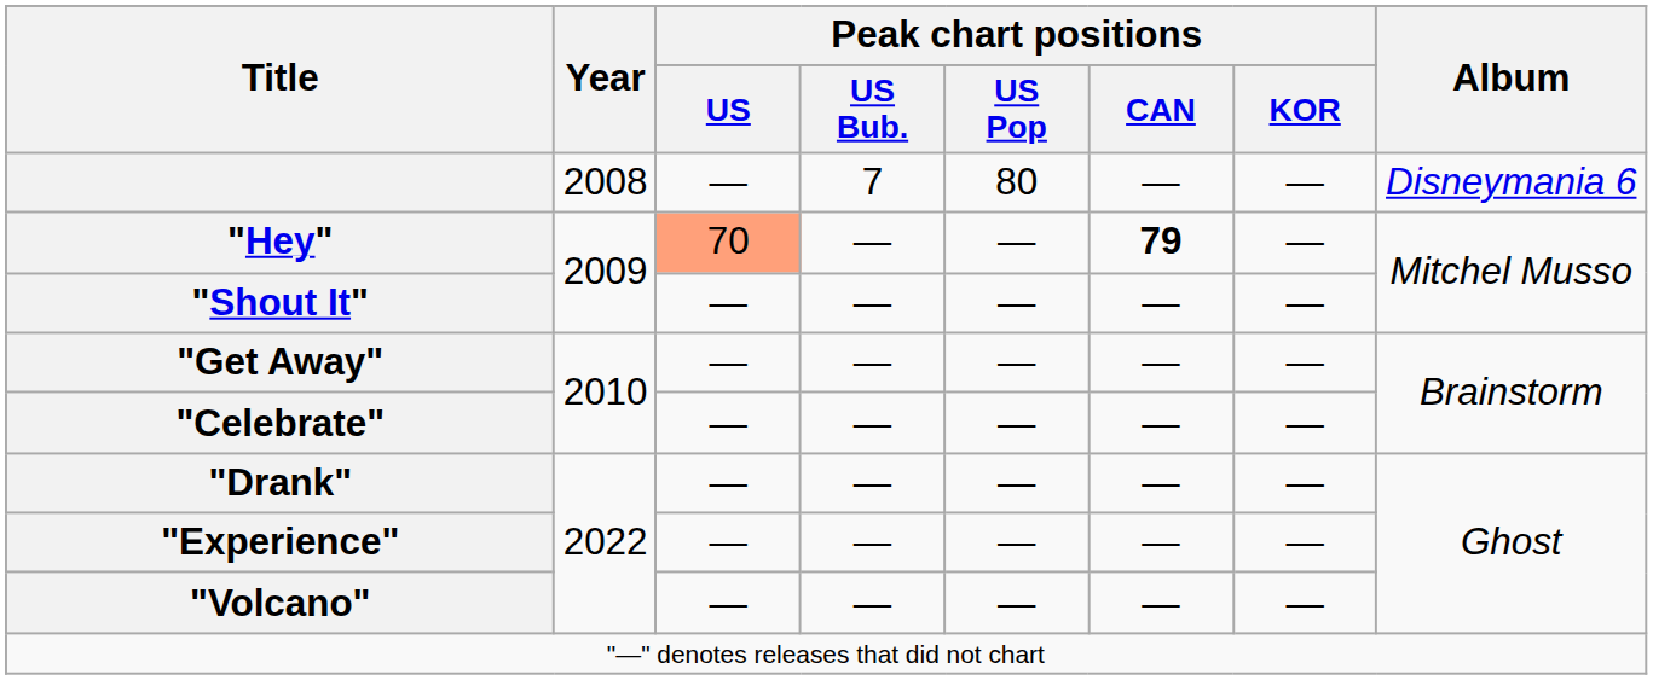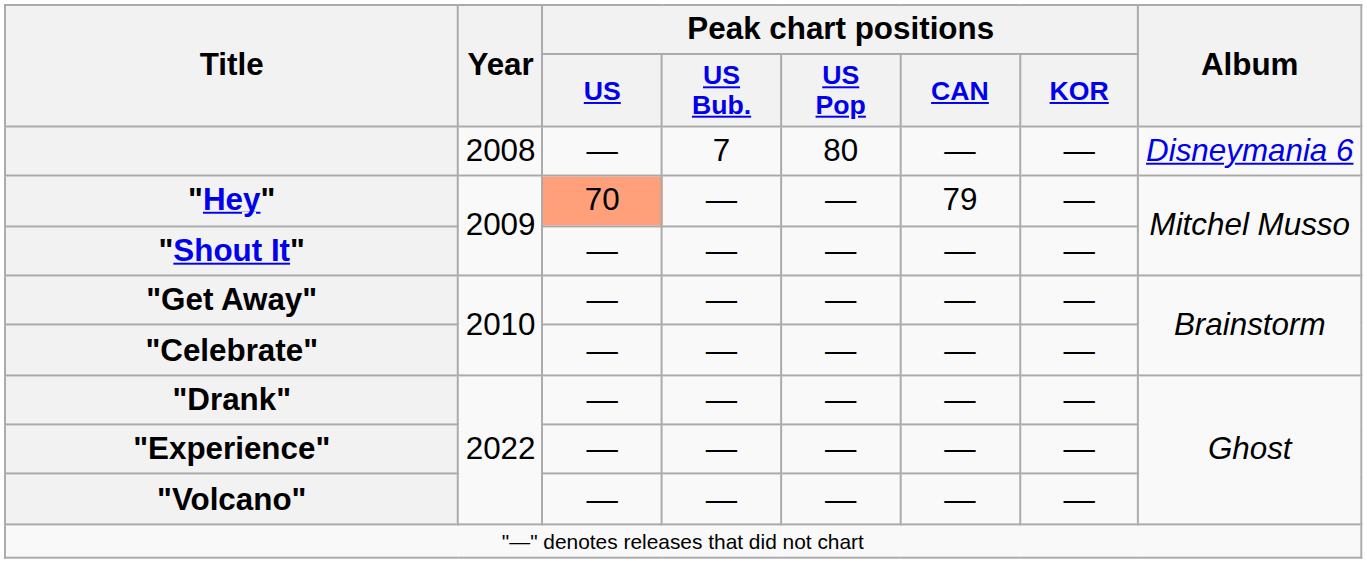 <table class="wikitable plainrowheaders" style="text-align:center;" border="1">
 <tr>
 <th scope="col" rowspan="2" style="width:14em;">Title</th>
 <th scope="col" rowspan="2">Year</th>
 <th scope="col" colspan="5">Peak chart positions</th>
 <th scope="col" rowspan="2">Album</th>
 </tr>
 <tr>
 <th scope="col" style="width:4em;font-size:85%;"><a href='#'>US</a><br></th>
 <th scope="col" style="width:4em;font-size:85%;"><a href='#'>US<br>Bub.</a><br></th>
 <th scope="col" style="width:4em;font-size:85%;"><a href='#'>US<br>Pop</a><br></th>
 <th scope="col" style="width:4em;font-size:85%;"><a href='#'>CAN</a><br></th>
 <th scope="col" style="width:4em;font-size:85%;"><a href='#'>KOR</a><br></th>
 </tr>
 <tr>
 <th scope="row"><br></th>
 <td>2008</td>
 <td>—</td>
 <td>7</td>
 <td>80</td>
 <td>—</td>
 <td>—</td>
 <td align="center"><em><a href='#'>Disneymania 6</a></em></td>
 </tr>
 <tr>
 <th scope="row">"<a href='#'>Hey</a>"</th>
 <td rowspan="2">2009</td>
 <td style="background: lightsalmon;">70</td>
 <td>—</td>
 <td>—</td>
-<td><strong>79</strong></td>
+<td>79</td>
 <td>—</td>
 <td align="center" rowspan=2><em>Mitchel Musso</em></td>
 </tr>
 <tr>
 <th scope="row">"<a href='#'>Shout It</a>"</th>
 <td>—</td>
 <td>—</td>
 <td>—</td>
 <td>—</td>
 <td>—</td>
 </tr>
 <tr>
 <th scope="row">"Get Away"</th>
 <td rowspan="2">2010</td>
 <td>—</td>
 <td>—</td>
 <td>—</td>
 <td>—</td>
 <td>—</td>
 <td align="center" rowspan=2><em>Brainstorm</em></td>
 </tr>
 <tr>
 <th scope="row">"Celebrate"</th>
 <td>—</td>
 <td>—</td>
 <td>—</td>
 <td>—</td>
 <td>—</td>
 </tr>
 <tr>
 <th scope="row">"Drank"</th>
 <td rowspan=3>2022</td>
 <td>—</td>
 <td>—</td>
 <td>—</td>
 <td>—</td>
 <td>—</td>
 <td align="center" rowspan=3><em>Ghost</em></td>
 </tr>
 <tr>
 <th scope="row">"Experience"<br></th>
 <td>—</td>
 <td>—</td>
 <td>—</td>
 <td>—</td>
 <td>—</td>
 </tr>
 <tr>
 <th scope="row">"Volcano"<br></th>
 <td>—</td>
 <td>—</td>
 <td>—</td>
 <td>—</td>
 <td>—</td>
 </tr>
 <tr>
 <td colspan="9" style="font-size:8pt">"—" denotes releases that did not chart</td>
 </tr>
 </table>
